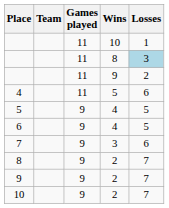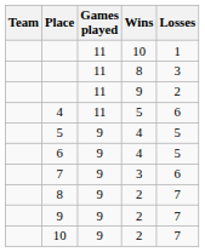 <table class="wikitable" style="text-align:center;">
 <tr>
+<th>Team</th>
 <th>Place</th>
-<th>Team</th>
 <th>Games<br>played</th>
 <th>Wins</th>
 <th>Losses</th>
 </tr>
 <tr>
+<td align=left></td>
 <td></td>
-<td align=left></td>
 <td>11</td>
 <td>10</td>
 <td>1</td>
 </tr>
 <tr>
+<td align=left></td>
 <td></td>
-<td align=left></td>
 <td>11</td>
 <td>8</td>
-<td style="background: lightblue;">3</td>
+<td>3</td>
 </tr>
 <tr>
+<td align=left></td>
 <td></td>
-<td align=left></td>
 <td>11</td>
 <td>9</td>
 <td>2</td>
 </tr>
 <tr>
+<td align=left></td>
 <td>4</td>
-<td align=left></td>
 <td>11</td>
 <td>5</td>
 <td>6</td>
 </tr>
 <tr>
+<td align=left></td>
 <td>5</td>
-<td align=left></td>
 <td>9</td>
 <td>4</td>
 <td>5</td>
 </tr>
 <tr>
+<td align=left></td>
 <td>6</td>
-<td align=left></td>
 <td>9</td>
 <td>4</td>
 <td>5</td>
 </tr>
 <tr>
+<td align=left></td>
 <td>7</td>
-<td align=left></td>
 <td>9</td>
 <td>3</td>
 <td>6</td>
 </tr>
 <tr>
+<td align=left></td>
 <td>8</td>
-<td align=left></td>
 <td>9</td>
 <td>2</td>
 <td>7</td>
 </tr>
 <tr>
+<td align=left></td>
 <td>9</td>
-<td align=left></td>
 <td>9</td>
 <td>2</td>
 <td>7</td>
 </tr>
 <tr>
+<td align=left></td>
 <td>10</td>
-<td align=left></td>
 <td>9</td>
 <td>2</td>
 <td>7</td>
 </tr>
 </table>
